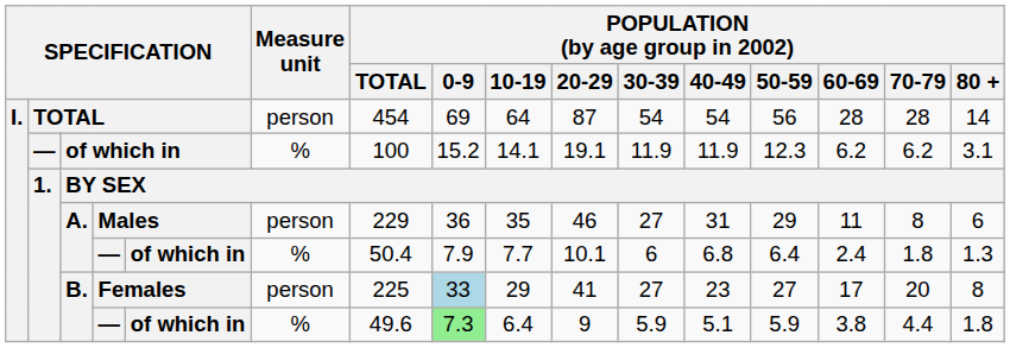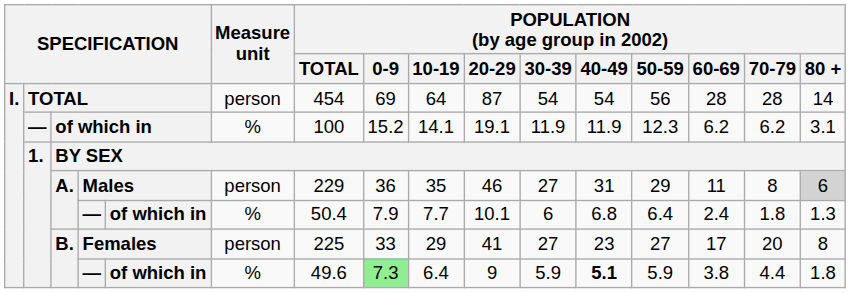 <table class="wikitable" style="font-size:85%; text-align:center">
 <tr>
 <th rowspan="2" colspan="5">SPECIFICATION</th>
 <th rowspan="2">Measure<br> unit</th>
 <th colspan="10" rowspan="1">POPULATION<br> (by age group in 2002)</th>
 </tr>
 <tr>
 <th>TOTAL</th>
 <th>0-9</th>
 <th>10-19</th>
 <th>20-29</th>
 <th>30-39</th>
 <th>40-49</th>
 <th>50-59</th>
 <th>60-69</th>
 <th>70-79</th>
 <th>80 +</th>
 </tr>
 <tr>
 <th style="text-align:left" valign="top" rowspan="7">I.</th>
 <th style="text-align:left" colspan="4">TOTAL</th>
 <td>person</td>
 <td>454</td>
 <td>69</td>
 <td>64</td>
 <td>87</td>
 <td>54</td>
 <td>54</td>
 <td>56</td>
 <td>28</td>
 <td>28</td>
 <td>14</td>
 </tr>
 <tr>
 <th style="text-align:left" valign="top">—</th>
 <th style="text-align:left" colspan="3">of which in</th>
 <td>%</td>
 <td>100</td>
 <td>15.2</td>
 <td>14.1</td>
 <td>19.1</td>
 <td>11.9</td>
 <td>11.9</td>
 <td>12.3</td>
 <td>6.2</td>
 <td>6.2</td>
 <td>3.1</td>
 </tr>
 <tr>
 <th style="text-align:left" valign="top" rowspan="5">1.</th>
 <th style="text-align:left" colspan="14">BY SEX</th>
 </tr>
 <tr>
 <th style="text-align:left" valign="top" rowspan="2">A.</th>
 <th style="text-align:left" colspan="2">Males</th>
 <td>person</td>
 <td>229</td>
 <td>36</td>
 <td>35</td>
 <td>46</td>
 <td>27</td>
 <td>31</td>
 <td>29</td>
 <td>11</td>
 <td>8</td>
-<td>6</td>
+<td style="background: lightgrey;">6</td>
 </tr>
 <tr>
 <th style="text-align:left" valign="top">—</th>
 <th style="text-align:left" colspan="1">of which in</th>
 <td>%</td>
 <td>50.4</td>
 <td>7.9</td>
 <td>7.7</td>
 <td>10.1</td>
 <td>6</td>
 <td>6.8</td>
 <td>6.4</td>
 <td>2.4</td>
 <td>1.8</td>
 <td>1.3</td>
 </tr>
 <tr>
 <th style="text-align:left" valign="top" rowspan="2">B.</th>
 <th style="text-align:left" colspan="2">Females</th>
 <td>person</td>
 <td>225</td>
-<td style="background: lightblue;">33</td>
+<td>33</td>
 <td>29</td>
 <td>41</td>
 <td>27</td>
 <td>23</td>
 <td>27</td>
 <td>17</td>
 <td>20</td>
 <td>8</td>
 </tr>
 <tr>
 <th style="text-align:left" valign="top">—</th>
 <th style="text-align:left" colspan="1">of which in</th>
 <td>%</td>
 <td>49.6</td>
 <td style="background: lightgreen;">7.3</td>
 <td>6.4</td>
 <td>9</td>
 <td>5.9</td>
-<td>5.1</td>
+<td><strong>5.1</strong></td>
 <td>5.9</td>
 <td>3.8</td>
 <td>4.4</td>
 <td>1.8</td>
 </tr>
 </table>
